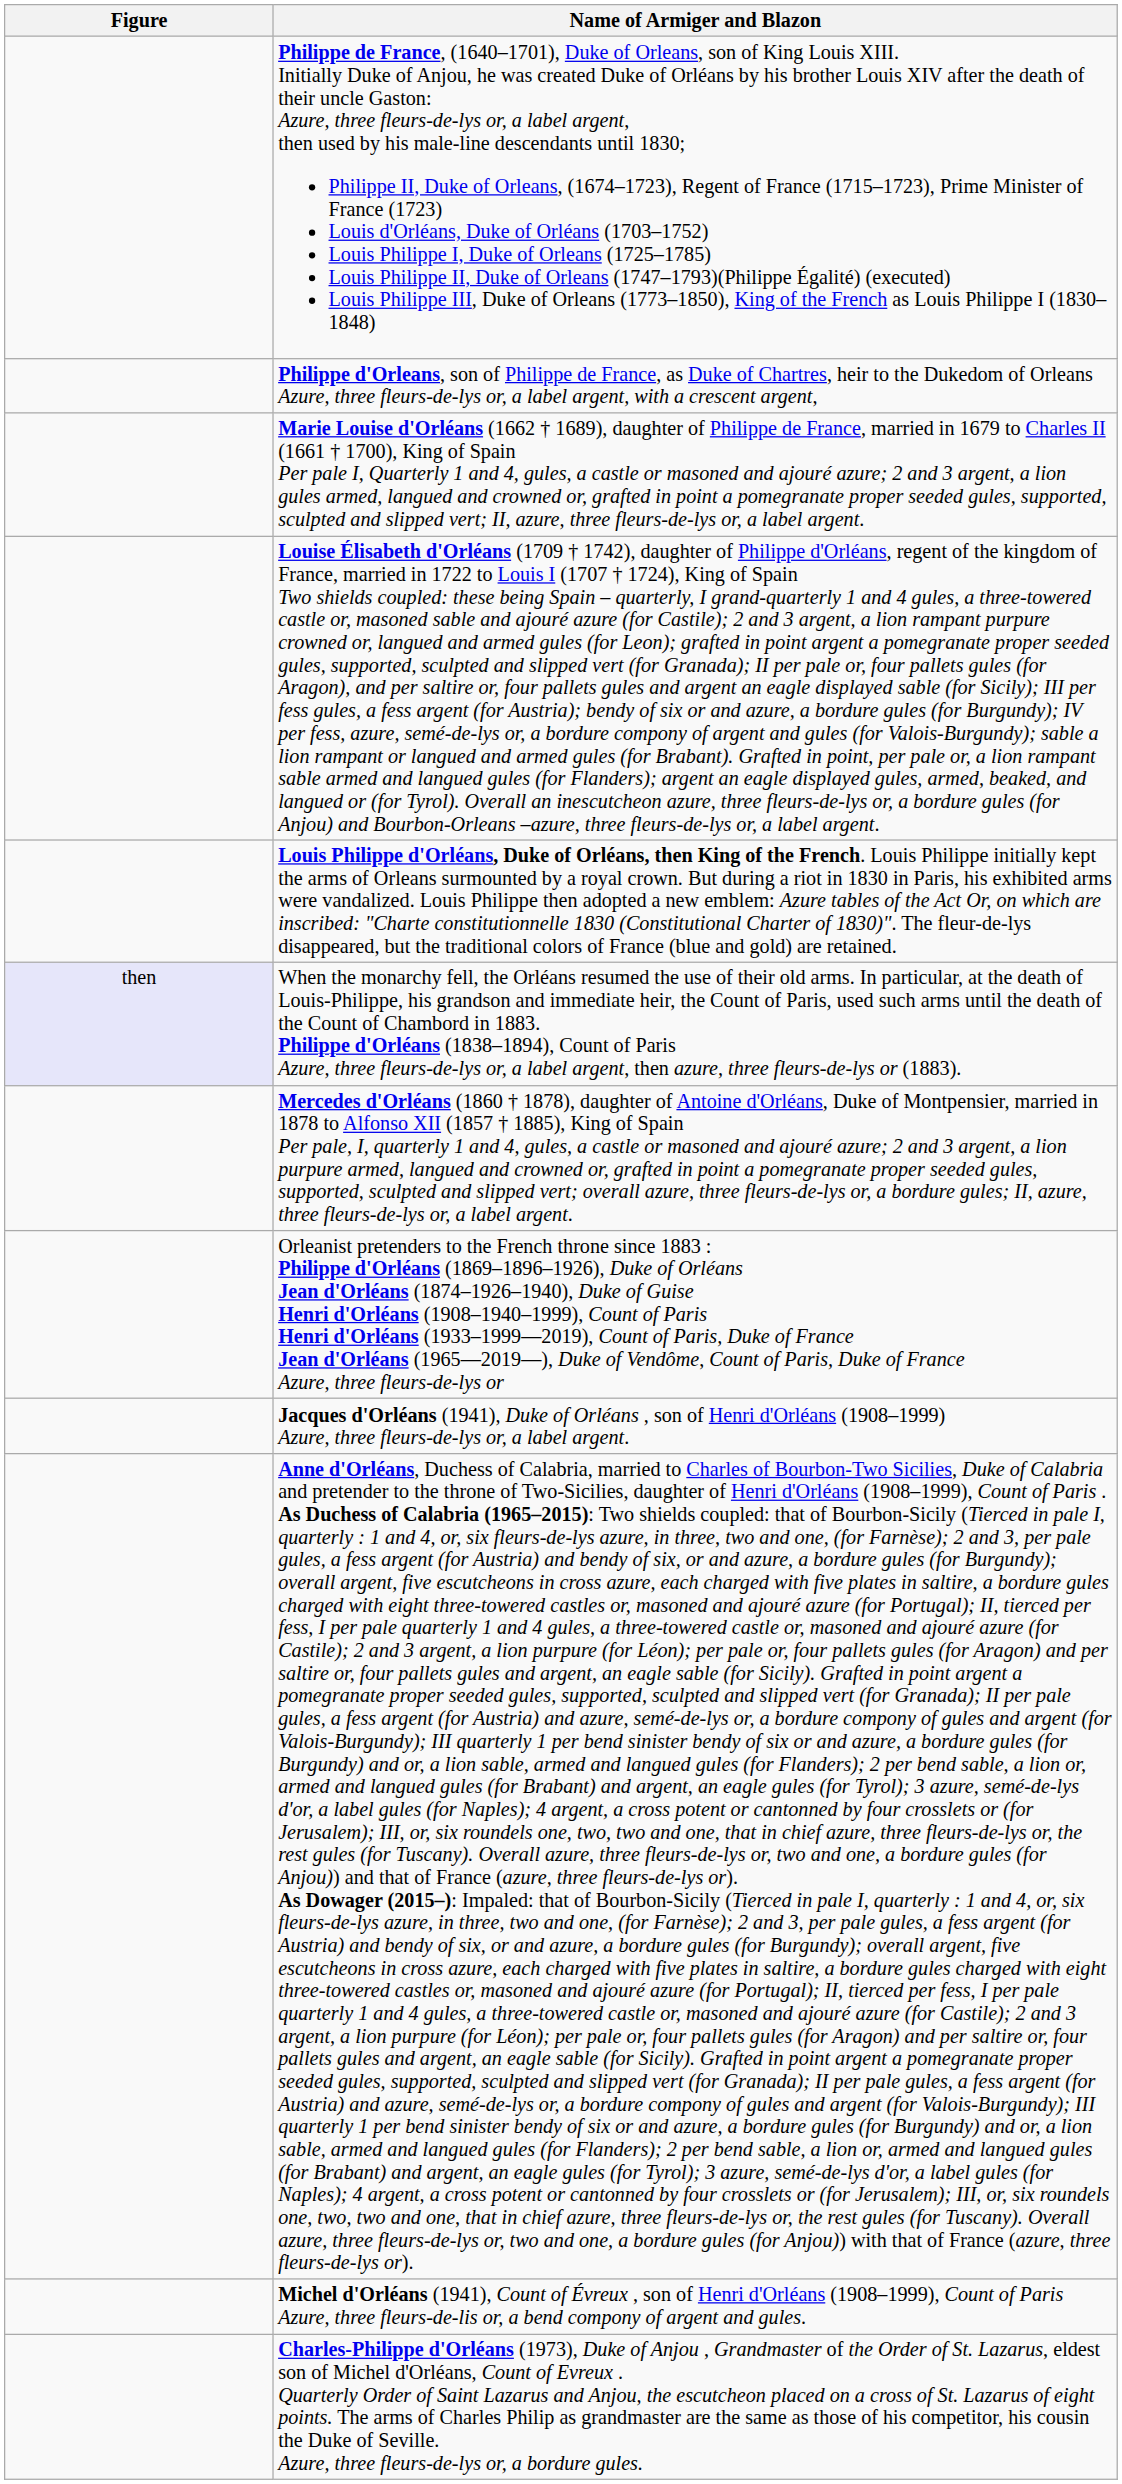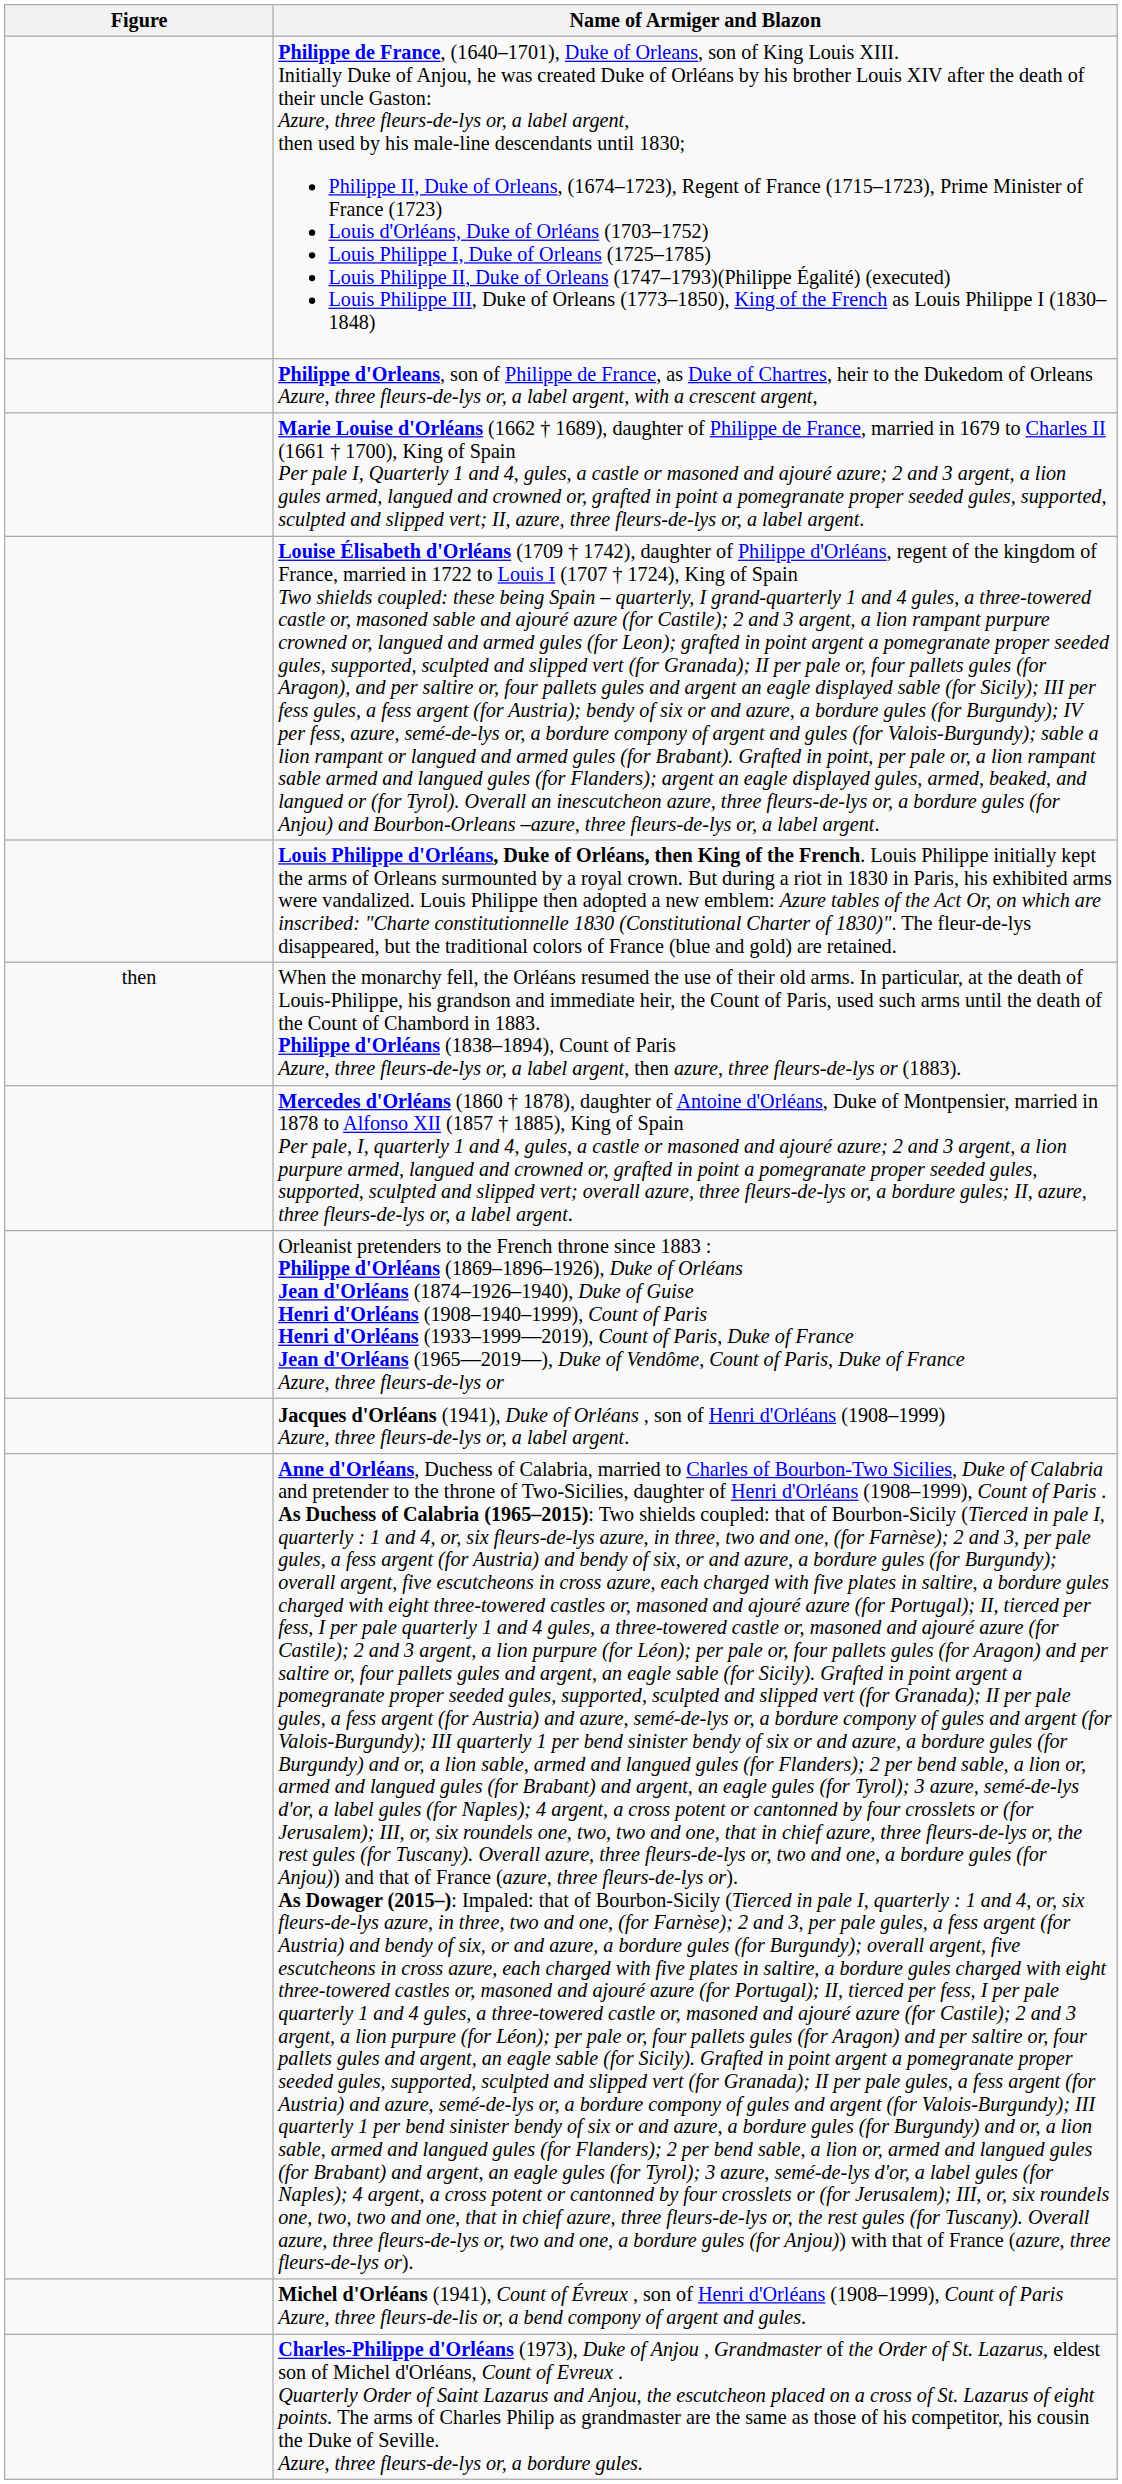 <table class=wikitable width="100%">
 <tr valign=top align=center>
 <th width="206">Figure</th>
 <th>Name of Armiger and Blazon</th>
 </tr>
 <tr valign=top>
 <td align=center></td>
 <td><strong><a href='#'>Philippe de France</a></strong>, (1640–1701), <a href='#'>Duke of Orleans</a>, son of King Louis XIII.<br>Initially Duke of Anjou, he was created Duke of Orléans by his brother Louis XIV after the death of their uncle Gaston:<br><em>Azure, three fleurs-de-lys or, a label argent</em>,<br>then used by his male-line descendants until 1830;<ul><li><a href='#'>Philippe II, Duke of Orleans</a>, (1674–1723), Regent of France (1715–1723), Prime Minister of France (1723)</li><li><a href='#'>Louis d'Orléans, Duke of Orléans</a> (1703–1752)</li><li><a href='#'>Louis Philippe I, Duke of Orleans</a> (1725–1785)</li><li><a href='#'>Louis Philippe II, Duke of Orleans</a> (1747–1793)(Philippe Égalité) (executed)</li><li><a href='#'>Louis Philippe III</a>, Duke of Orleans (1773–1850), <a href='#'>King of the French</a> as Louis Philippe I (1830–1848)</li></ul></td>
 </tr>
 <tr valign=top>
 <td align=center></td>
 <td><strong><a href='#'>Philippe d'Orleans</a></strong>, son of <a href='#'>Philippe de France</a>, as <a href='#'>Duke of Chartres</a>, heir to the Dukedom of Orleans<br><em>Azure, three fleurs-de-lys or, a label argent, with a crescent argent</em>,</td>
 </tr>
 <tr valign=top>
 <td align=center></td>
 <td><strong><a href='#'>Marie Louise d'Orléans</a></strong> (1662 † 1689), daughter of <a href='#'>Philippe de France</a>, married in 1679 to <a href='#'>Charles II</a> (1661 † 1700), King of Spain<br><em>Per pale I, Quarterly 1 and 4, gules, a castle or masoned and ajouré azure; 2 and 3 argent, a lion gules armed, langued and crowned or, grafted in point a pomegranate proper seeded gules, supported, sculpted and slipped vert; II, azure, three fleurs-de-lys or, a label argent</em>.</td>
 </tr>
 <tr valign=top>
 <td align=center></td>
 <td><strong><a href='#'>Louise Élisabeth d'Orléans</a></strong> (1709 † 1742), daughter of <a href='#'>Philippe d'Orléans</a>, regent of the kingdom of France, married in 1722 to <a href='#'>Louis I</a> (1707 † 1724), King of Spain<br><em>Two shields coupled: these being Spain – quarterly, I grand-quarterly 1 and 4 gules, a three-towered castle or, masoned sable and ajouré azure (for Castile); 2 and 3 argent, a lion rampant purpure crowned or, langued and armed gules (for Leon); grafted in point argent a pomegranate proper seeded gules, supported, sculpted and slipped vert (for Granada); II per pale or, four pallets gules (for Aragon), and per saltire or, four pallets gules and argent an eagle displayed sable (for Sicily); III per fess gules, a fess argent (for Austria); bendy of six or and azure, a bordure gules (for Burgundy); IV per fess, azure, semé-de-lys or, a bordure compony of argent and gules (for Valois-Burgundy); sable a lion rampant or langued and armed gules (for Brabant). Grafted in point, per pale or, a lion rampant sable armed and langued gules (for Flanders); argent an eagle displayed gules, armed, beaked, and langued or (for Tyrol). Overall an inescutcheon azure, three fleurs-de-lys or, a bordure gules (for Anjou) and Bourbon-Orleans –azure, three fleurs-de-lys or, a label argent</em>.</td>
 </tr>
 <tr valign=top>
 <td align=center> </td>
 <td><strong><a href='#'>Louis Philippe d'Orléans</a>, Duke of Orléans, then King of the French</strong>. Louis Philippe initially kept the arms of Orleans surmounted by a royal crown. But during a riot in 1830 in Paris, his exhibited arms were vandalized. Louis Philippe then adopted a new emblem: <em>Azure tables of the Act Or, on which are inscribed: "Charte constitutionnelle 1830 (Constitutional Charter of 1830)"</em>. The fleur-de-lys disappeared, but the traditional colors of France (blue and gold) are retained.</td>
 </tr>
 <tr valign=top>
-<td align=center style="background: lavender;"> then </td>
+<td align=center> then </td>
 <td>When the monarchy fell, the Orléans resumed the use of their old arms. In particular, at the death of Louis-Philippe, his grandson and immediate heir, the Count of Paris, used such arms until the death of the Count of Chambord in 1883.<br><strong> <a href='#'>Philippe d'Orléans</a></strong> (1838–1894), Count of Paris<br><em>Azure, three fleurs-de-lys or, a label argent</em>, then <em>azure, three fleurs-de-lys or</em> (1883).</td>
 </tr>
 <tr valign=top>
 <td align=center></td>
 <td><strong><a href='#'>Mercedes d'Orléans</a></strong> (1860 † 1878), daughter of <a href='#'>Antoine d'Orléans</a>, Duke of Montpensier, married in 1878 to <a href='#'>Alfonso XII</a> (1857 † 1885), King of Spain<br><em>Per pale, I, quarterly 1 and 4, gules, a castle or masoned and ajouré azure; 2 and 3 argent, a lion purpure armed, langued and crowned or, grafted in point a pomegranate proper seeded gules, supported, sculpted and slipped vert; overall azure, three fleurs-de-lys or, a bordure gules; II, azure, three fleurs-de-lys or, a label argent</em>.</td>
 </tr>
 <tr valign=top>
 <td align=center></td>
 <td>Orleanist pretenders to the French throne since 1883 :<br><strong><a href='#'>Philippe d'Orléans</a></strong> (1869–1896–1926), <em>Duke of Orléans </em><br><strong><a href='#'>Jean d'Orléans</a></strong> (1874–1926–1940), <em> Duke of Guise </em><br><strong><a href='#'>Henri d'Orléans</a></strong> (1908–1940–1999), <em> Count of Paris </em><br><strong><a href='#'>Henri d'Orléans</a></strong> (1933–1999—2019), <em> Count of Paris, Duke of France </em><br><strong><a href='#'>Jean d'Orléans</a></strong> (1965—2019—), <em> Duke of Vendôme</em>, <em>Count of Paris, Duke of France</em><br><em>Azure, three fleurs-de-lys or</em></td>
 </tr>
 <tr valign="top">
 <td align="center"></td>
 <td><strong>Jacques d'Orléans</strong> (1941), <em> Duke of Orléans </em>, son of <a href='#'>Henri d'Orléans</a> (1908–1999)<br><em>Azure, three fleurs-de-lys or, a label argent</em>.</td>
 </tr>
 <tr valign=top>
 <td align=center> </td>
 <td><strong><a href='#'>Anne d'Orléans</a></strong>, Duchess of Calabria, married to <a href='#'>Charles of Bourbon-Two Sicilies</a>, <em> Duke of Calabria </em> and pretender to the throne of Two-Sicilies, daughter of <a href='#'>Henri d'Orléans</a> (1908–1999), <em> Count of Paris </em>.<br><strong>As Duchess of Calabria (1965–2015)</strong>: Two shields coupled: that of Bourbon-Sicily (<em>Tierced in pale I, quarterly : 1 and 4, or, six fleurs-de-lys azure, in three, two and one, (for Farnèse); 2 and 3, per pale gules, a fess argent (for Austria) and bendy of six, or and azure, a bordure gules (for Burgundy); overall argent, five escutcheons in cross azure, each charged with five plates in saltire, a bordure gules charged with eight three-towered castles or, masoned and ajouré azure (for Portugal); II, tierced per fess, I per pale quarterly 1 and 4 gules, a three-towered castle or, masoned and ajouré azure (for Castile); 2 and 3 argent, a lion purpure (for Léon); per pale or, four pallets gules (for Aragon) and per saltire or, four pallets gules and argent, an eagle sable (for Sicily). Grafted in point argent a pomegranate proper seeded gules, supported, sculpted and slipped vert (for Granada); II per pale gules, a fess argent (for Austria) and azure, semé-de-lys or, a bordure compony of gules and argent (for Valois-Burgundy); III quarterly 1 per bend sinister bendy of six or and azure, a bordure gules (for Burgundy) and or, a lion sable, armed and langued gules (for Flanders); 2 per bend sable, a lion or, armed and langued gules (for Brabant) and argent, an eagle gules (for Tyrol); 3 azure, semé-de-lys d'or, a label gules (for Naples); 4 argent, a cross potent or cantonned by four crosslets or (for Jerusalem); III, or, six roundels one, two, two and one, that in chief azure, three fleurs-de-lys or, the rest gules (for Tuscany). Overall azure, three fleurs-de-lys or, two and one, a bordure gules (for Anjou)</em>) and that of France (<em>azure, three fleurs-de-lys or</em>).<br><strong>As Dowager (2015–)</strong>: Impaled: that of Bourbon-Sicily (<em>Tierced in pale I, quarterly : 1 and 4, or, six fleurs-de-lys azure, in three, two and one, (for Farnèse); 2 and 3, per pale gules, a fess argent (for Austria) and bendy of six, or and azure, a bordure gules (for Burgundy); overall argent, five escutcheons in cross azure, each charged with five plates in saltire, a bordure gules charged with eight three-towered castles or, masoned and ajouré azure (for Portugal); II, tierced per fess, I per pale quarterly 1 and 4 gules, a three-towered castle or, masoned and ajouré azure (for Castile); 2 and 3 argent, a lion purpure (for Léon); per pale or, four pallets gules (for Aragon) and per saltire or, four pallets gules and argent, an eagle sable (for Sicily). Grafted in point argent a pomegranate proper seeded gules, supported, sculpted and slipped vert (for Granada); II per pale gules, a fess argent (for Austria) and azure, semé-de-lys or, a bordure compony of gules and argent (for Valois-Burgundy); III quarterly 1 per bend sinister bendy of six or and azure, a bordure gules (for Burgundy) and or, a lion sable, armed and langued gules (for Flanders); 2 per bend sable, a lion or, armed and langued gules (for Brabant) and argent, an eagle gules (for Tyrol); 3 azure, semé-de-lys d'or, a label gules (for Naples); 4 argent, a cross potent or cantonned by four crosslets or (for Jerusalem); III, or, six roundels one, two, two and one, that in chief azure, three fleurs-de-lys or, the rest gules (for Tuscany). Overall azure, three fleurs-de-lys or, two and one, a bordure gules (for Anjou)</em>) with that of France (<em>azure, three fleurs-de-lys or</em>).</td>
 </tr>
 <tr valign=top>
 <td align=center></td>
 <td><strong>Michel d'Orléans</strong> (1941), <em> Count of Évreux </em>, son of <a href='#'>Henri d'Orléans</a> (1908–1999), <em> Count of Paris </em><br><em>Azure, three fleurs-de-lis or, a bend compony of argent and gules</em>.</td>
 </tr>
 <tr valign=top>
 <td align=center> </td>
 <td><strong><a href='#'>Charles-Philippe d'Orléans</a></strong> (1973), <em> Duke of Anjou </em>, <em> Grandmaster </em> of <em>the Order of St. Lazarus</em>, eldest son of Michel d'Orléans, <em> Count of Evreux </em>.<br><em>Quarterly Order of Saint Lazarus and Anjou, the escutcheon placed on a cross of St. Lazarus of eight points.</em> The arms of Charles Philip as grandmaster are the same as those of his competitor, his cousin the Duke of Seville.<br><em>Azure, three fleurs-de-lys or, a bordure gules.</em></td>
 </tr>
 </table>
